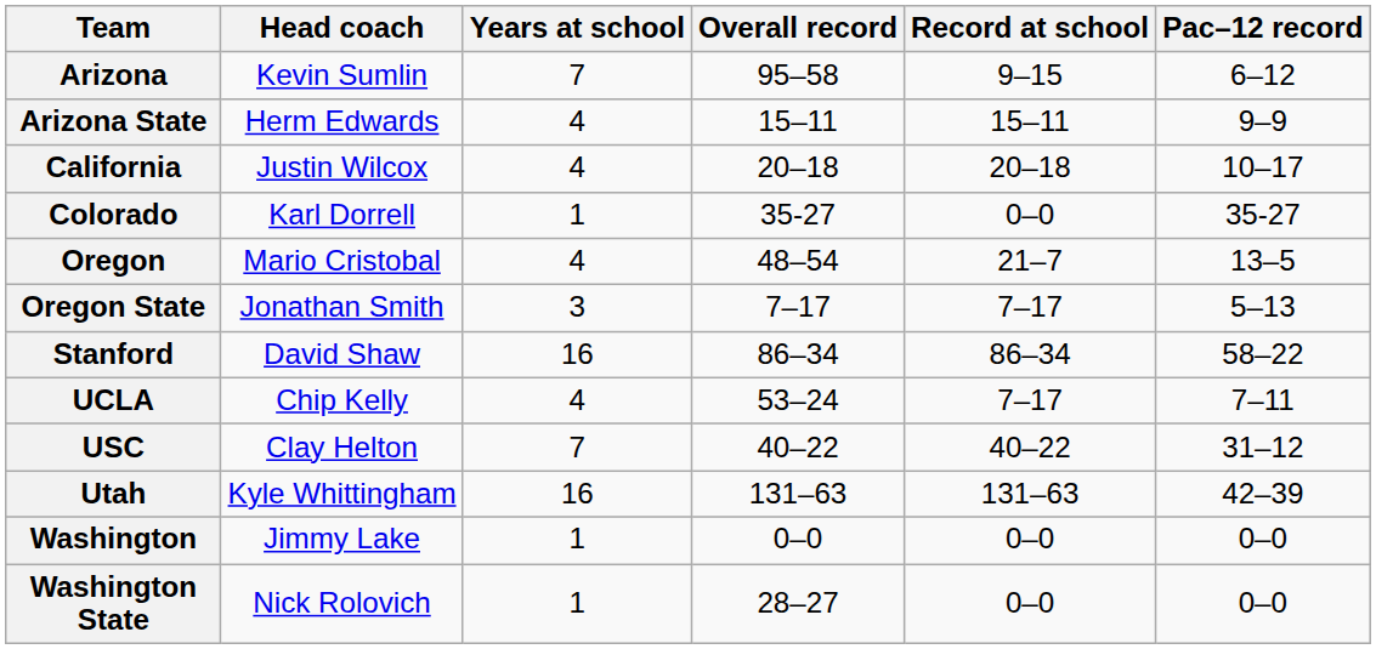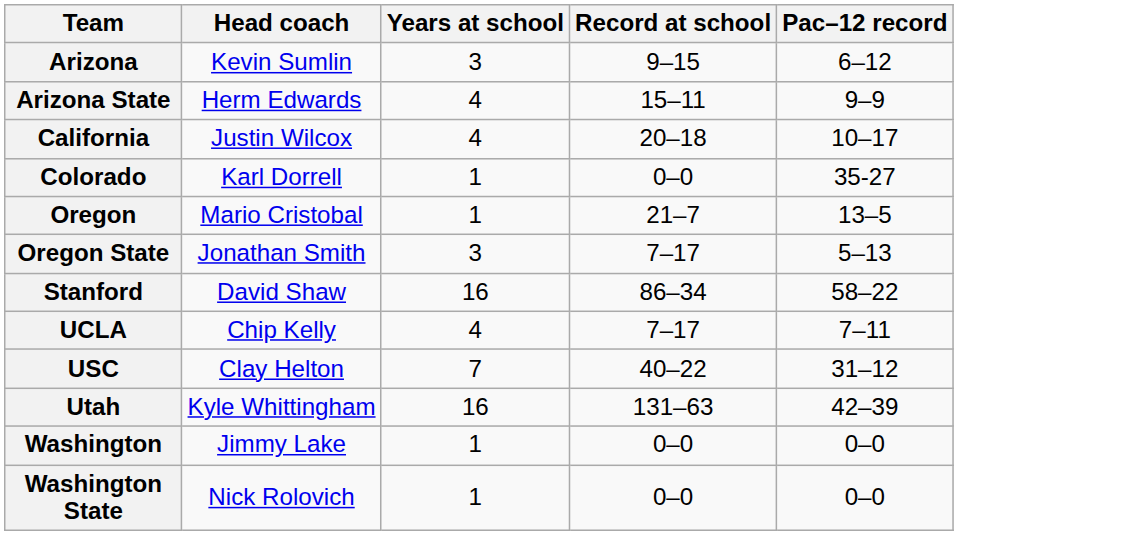 <table class="wikitable sortable" style="text-align: center;">
 <tr>
 <th style="width:110px;">Team</th>
 <th>Head coach</th>
 <th>Years at school</th>
-<th>Overall record</th>
 <th>Record at school</th>
 <th>Pac–12 record</th>
 </tr>
 <tr>
 <th>Arizona</th>
 <td><a href='#'>Kevin Sumlin</a></td>
-<td>7</td>
-<td>95–58</td>
+<td>3</td>
 <td>9–15</td>
 <td>6–12</td>
 </tr>
 <tr>
 <th>Arizona State</th>
 <td><a href='#'>Herm Edwards</a></td>
 <td>4</td>
 <td>15–11</td>
-<td>15–11</td>
 <td>9–9</td>
 </tr>
 <tr>
 <th>California</th>
 <td><a href='#'>Justin Wilcox</a></td>
 <td>4</td>
 <td>20–18</td>
-<td>20–18</td>
 <td>10–17</td>
 </tr>
 <tr>
 <th>Colorado</th>
 <td><a href='#'>Karl Dorrell</a></td>
 <td>1</td>
-<td>35-27</td>
 <td>0–0</td>
 <td>35-27</td>
 </tr>
 <tr>
 <th>Oregon</th>
 <td><a href='#'>Mario Cristobal</a></td>
-<td>4</td>
-<td>48–54</td>
+<td>1</td>
 <td>21–7</td>
 <td>13–5</td>
 </tr>
 <tr>
 <th>Oregon State</th>
 <td><a href='#'>Jonathan Smith</a></td>
 <td>3</td>
 <td>7–17</td>
-<td>7–17</td>
 <td>5–13</td>
 </tr>
 <tr>
 <th>Stanford</th>
 <td><a href='#'>David Shaw</a></td>
 <td>16</td>
 <td>86–34</td>
-<td>86–34</td>
 <td>58–22</td>
 </tr>
 <tr>
 <th>UCLA</th>
 <td><a href='#'>Chip Kelly</a></td>
 <td>4</td>
-<td>53–24</td>
 <td>7–17</td>
 <td>7–11</td>
 </tr>
 <tr>
 <th>USC</th>
 <td><a href='#'>Clay Helton</a></td>
 <td>7</td>
 <td>40–22</td>
-<td>40–22</td>
 <td>31–12</td>
 </tr>
 <tr>
 <th>Utah</th>
 <td><a href='#'>Kyle Whittingham</a></td>
 <td>16</td>
-<td>131–63</td>
 <td>131–63</td>
 <td>42–39</td>
 </tr>
 <tr>
 <th>Washington</th>
 <td><a href='#'>Jimmy Lake</a></td>
 <td>1</td>
 <td>0–0</td>
 <td>0–0</td>
-<td>0–0</td>
 </tr>
 <tr>
 <th>Washington State</th>
 <td><a href='#'>Nick Rolovich</a></td>
 <td>1</td>
-<td>28–27</td>
 <td>0–0</td>
 <td>0–0</td>
 </tr>
 </table>
